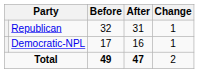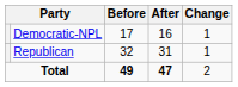 <table class="wikitable" style="text-align:center;">
 <tr>
 <th colspan="2">Party</th>
 <th>Before</th>
 <th>After</th>
 <th>Change</th>
 </tr>
 <tr>
 <th style="background-color:"></th>
-<td style="text-align:left;"><a href='#'>Republican</a></td>
-<td>32</td>
-<td>31</td>
+<td style="text-align:left;"><a href='#'>Democratic-NPL</a></td>
+<td>17</td>
+<td>16</td>
 <td> 1</td>
 </tr>
 <tr>
 <th style="background-color:"></th>
-<td style="text-align:left;"><a href='#'>Democratic-NPL</a></td>
-<td>17</td>
-<td>16</td>
+<td style="text-align:left;"><a href='#'>Republican</a></td>
+<td>32</td>
+<td>31</td>
 <td> 1</td>
 </tr>
 <tr>
 <td colspan="2"><strong>Total</strong></td>
 <td><strong>49</strong></td>
 <td><strong>47</strong></td>
 <td> 2</td>
 </tr>
 </table>
